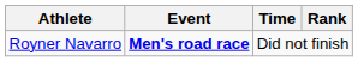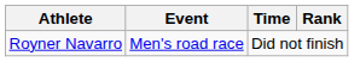 <table class=wikitable style=font-size:90%;>
 <tr>
 <th>Athlete</th>
 <th>Event</th>
 <th>Time</th>
 <th>Rank</th>
 </tr>
 <tr align=center>
 <td align=left><a href='#'>Royner Navarro</a></td>
-<td align=left><strong><a href='#'>Men's road race</a></strong></td>
+<td align=left><a href='#'>Men's road race</a></td>
 <td colspan=2>Did not finish</td>
 </tr>
 </table>
